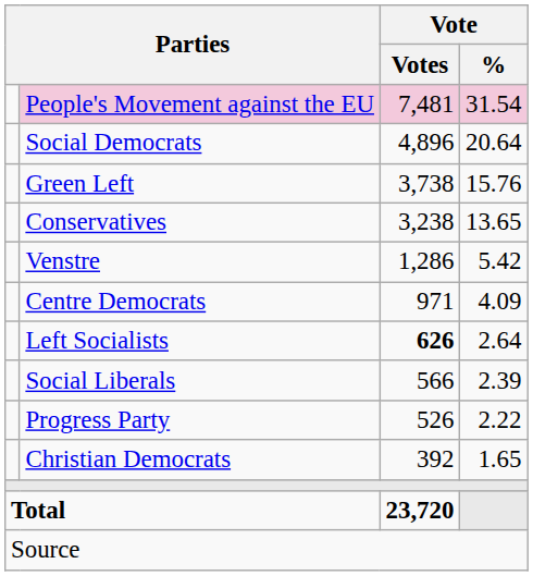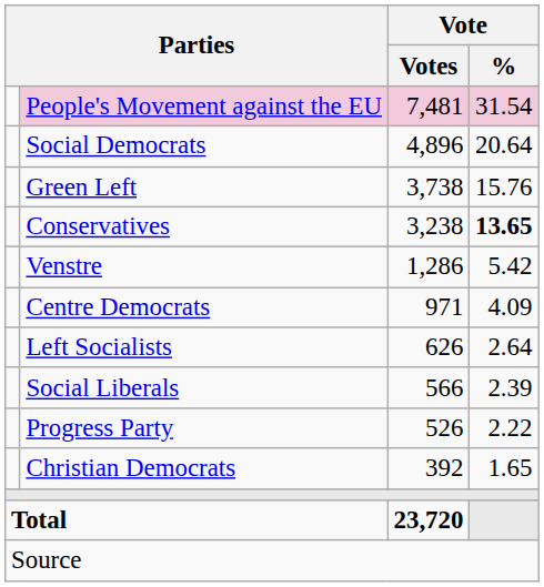 <table class="wikitable" style="text-align:right;">
 <tr>
 <th style="text-align:centre;" rowspan="2" colspan="2" width="225">Parties</th>
 <th colspan="3">Vote</th>
 </tr>
 <tr>
 <th width="15">Votes</th>
 <th width="15">%</th>
 </tr>
 <tr>
 <td width="2" style="color:inherit;background:"></td>
 <td bgcolor=#f3c9dc   align="left"><a href='#'>People's Movement against the EU</a></td>
 <td bgcolor=#f3c9dc>7,481</td>
 <td bgcolor=#f3c9dc>31.54</td>
 </tr>
 <tr>
 <td width="2" style="color:inherit;background:"></td>
 <td align="left"><a href='#'>Social Democrats</a></td>
 <td>4,896</td>
 <td>20.64</td>
 </tr>
 <tr>
 <td width="2" style="color:inherit;background:"></td>
 <td align="left"><a href='#'>Green Left</a></td>
 <td>3,738</td>
 <td>15.76</td>
 </tr>
 <tr>
 <td width="2" style="color:inherit;background:"></td>
 <td align="left"><a href='#'>Conservatives</a></td>
 <td>3,238</td>
-<td>13.65</td>
+<td><strong>13.65</strong></td>
 </tr>
 <tr>
 <td width="2" style="color:inherit;background:"></td>
 <td align="left"><a href='#'>Venstre</a></td>
 <td>1,286</td>
 <td>5.42</td>
 </tr>
 <tr>
 <td width="2" style="color:inherit;background:"></td>
 <td align="left"><a href='#'>Centre Democrats</a></td>
 <td>971</td>
 <td>4.09</td>
 </tr>
 <tr>
 <td width="2" style="color:inherit;background:"></td>
 <td align="left"><a href='#'>Left Socialists</a></td>
-<td><strong>626</strong></td>
+<td>626</td>
 <td>2.64</td>
 </tr>
 <tr>
 <td width="2" style="color:inherit;background:"></td>
 <td align="left"><a href='#'>Social Liberals</a></td>
 <td>566</td>
 <td>2.39</td>
 </tr>
 <tr>
 <td width="2" style="color:inherit;background:"></td>
 <td align="left"><a href='#'>Progress Party</a></td>
 <td>526</td>
 <td>2.22</td>
 </tr>
 <tr>
 <td width="2" style="color:inherit;background:"></td>
 <td align="left"><a href='#'>Christian Democrats</a></td>
 <td>392</td>
 <td>1.65</td>
 </tr>
 <tr>
 <td colspan="7" bgcolor="#E9E9E9"></td>
 </tr>
 <tr>
 <td align="left" colspan="2"><strong>Total</strong></td>
 <td><strong>23,720</strong></td>
 <td bgcolor="#E9E9E9" colspan="2"></td>
 </tr>
 <tr>
 <td align="left" colspan="6">Source</td>
 </tr>
 </table>
